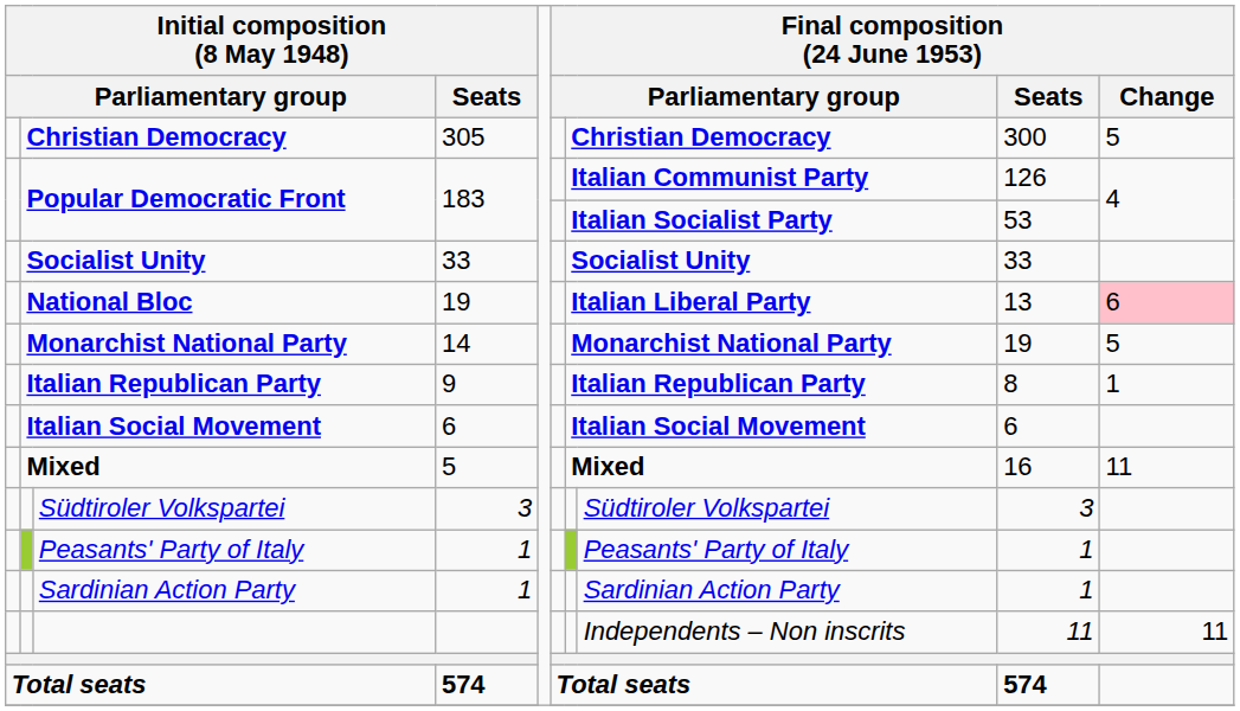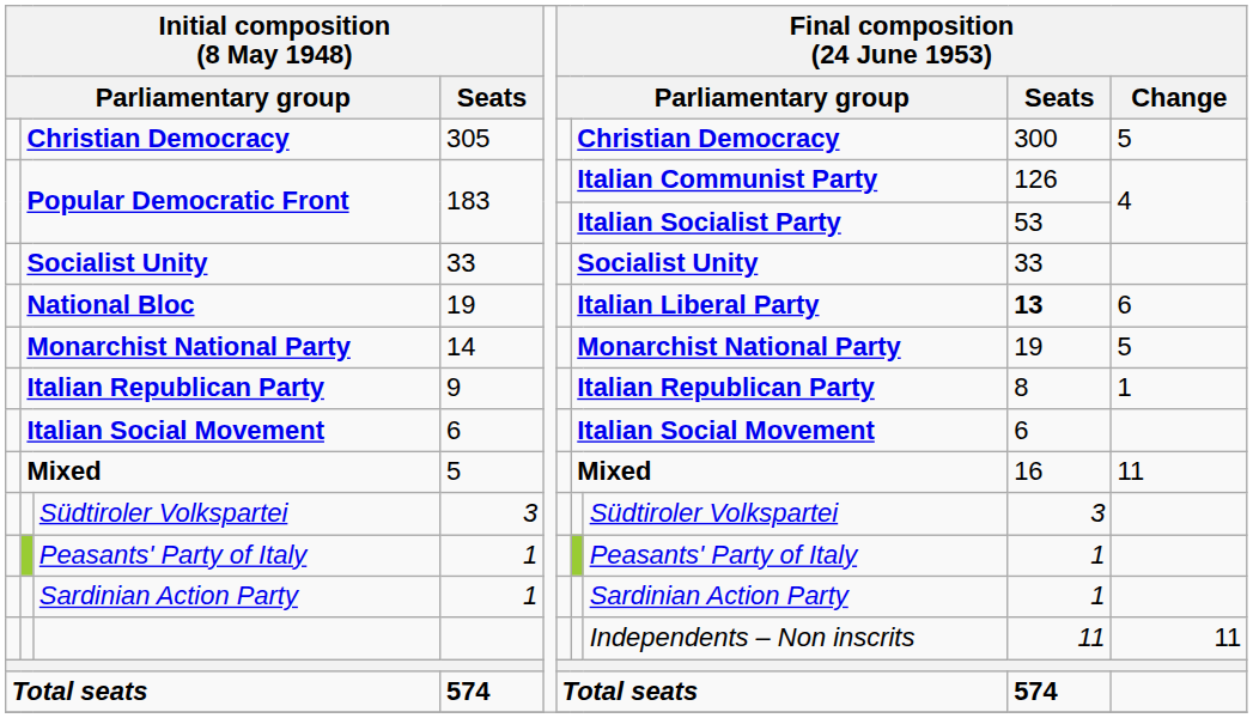 <table class="wikitable" style="width : 60%;">
 <tr>
 <th colspan="4">Initial composition<br>(8 May 1948)</th>
 <td rowspan="30" style="width : 1%;"></td>
 <th colspan="5">Final composition<br>(24 June 1953)</th>
 </tr>
 <tr>
 <th colspan="3">Parliamentary group</th>
 <th>Seats</th>
 <th colspan="3">Parliamentary group</th>
 <th>Seats</th>
 <th>Change</th>
 </tr>
 <tr>
 <td></td>
 <td colspan = "2"><strong><a href='#'>Christian Democracy</a></strong></td>
 <td>305</td>
 <td></td>
 <td colspan = "2"><strong><a href='#'>Christian Democracy</a></strong></td>
 <td>300</td>
 <td> 5</td>
 </tr>
 <tr>
 <td rowspan=2></td>
 <td colspan = "2" rowspan="2"><strong><a href='#'>Popular Democratic Front</a></strong></td>
 <td rowspan=2>183</td>
 <td></td>
 <td colspan = "2"><strong><a href='#'>Italian Communist Party</a></strong></td>
 <td>126</td>
 <td rowspan=2> 4</td>
 </tr>
 <tr>
 <td></td>
 <td colspan = "2"><strong><a href='#'>Italian Socialist Party</a></strong></td>
 <td>53</td>
 </tr>
 <tr>
 <td></td>
 <td colspan = "2"><strong><a href='#'>Socialist Unity</a></strong></td>
 <td>33</td>
 <td></td>
 <td colspan = "2"><strong><a href='#'>Socialist Unity</a></strong></td>
 <td>33</td>
 <td></td>
 </tr>
 <tr>
 <td></td>
 <td colspan = "2"><strong><a href='#'>National Bloc</a></strong></td>
 <td>19</td>
 <td></td>
 <td colspan = "2"><strong><a href='#'>Italian Liberal Party</a></strong></td>
-<td>13</td>
-<td style="background: pink;"> 6</td>
+<td><strong>13</strong></td>
+<td> 6</td>
 </tr>
 <tr>
 <td></td>
 <td colspan = "2"><strong><a href='#'>Monarchist National Party</a></strong></td>
 <td>14</td>
 <td></td>
 <td colspan = "2"><strong><a href='#'>Monarchist National Party</a></strong></td>
 <td>19</td>
 <td> 5</td>
 </tr>
 <tr>
 <td></td>
 <td colspan = "2"><strong><a href='#'>Italian Republican Party</a></strong></td>
 <td>9</td>
 <td></td>
 <td colspan = "2"><strong><a href='#'>Italian Republican Party</a></strong></td>
 <td>8</td>
 <td> 1</td>
 </tr>
 <tr>
 <td></td>
 <td colspan = "2"><strong><a href='#'>Italian Social Movement</a></strong></td>
 <td>6</td>
 <td></td>
 <td colspan = "2"><strong><a href='#'>Italian Social Movement</a></strong></td>
 <td>6</td>
 <td></td>
 </tr>
 <tr>
 <td></td>
 <td colspan = "2"><strong>Mixed</strong></td>
 <td>5</td>
 <td></td>
 <td colspan = "2"><strong>Mixed</strong></td>
 <td>16</td>
 <td> 11</td>
 </tr>
 <tr>
 <td></td>
 <td></td>
 <td><em><a href='#'>Südtiroler Volkspartei</a></em></td>
 <td align="right"><em>3</em></td>
 <td></td>
 <td></td>
 <td><em><a href='#'>Südtiroler Volkspartei</a></em></td>
 <td align="right"><em>3</em></td>
 <td align="right"></td>
 </tr>
 <tr>
 <td></td>
 <td bgcolor="#99CC33" width=1%></td>
 <td><em><a href='#'>Peasants' Party of Italy</a></em></td>
 <td align="right"><em>1</em></td>
 <td></td>
 <td bgcolor="#99CC33" width=1%></td>
 <td><em><a href='#'>Peasants' Party of Italy</a></em></td>
 <td align="right"><em>1</em></td>
 <td align="right"></td>
 </tr>
 <tr>
 <td></td>
 <td></td>
 <td><em><a href='#'>Sardinian Action Party</a></em></td>
 <td align="right"><em>1</em></td>
 <td></td>
 <td></td>
 <td><em><a href='#'>Sardinian Action Party</a></em></td>
 <td align="right"><em>1</em></td>
 <td align="right"></td>
 </tr>
 <tr>
 <td></td>
 <td></td>
 <td></td>
 <td></td>
 <td></td>
 <td></td>
 <td><em>Independents – Non inscrits</em></td>
 <td align="right"><em>11</em></td>
 <td align="right"> 11</td>
 </tr>
 <tr>
 <th colspan="4"></th>
 <th colspan="5"></th>
 </tr>
 <tr>
 <td colspan="3"><strong><em>Total seats</em></strong></td>
 <td><strong>574</strong></td>
 <td colspan="3"><strong><em>Total seats</em></strong></td>
 <td><strong>574</strong></td>
 <td></td>
 </tr>
 <tr>
 </tr>
 </table>
